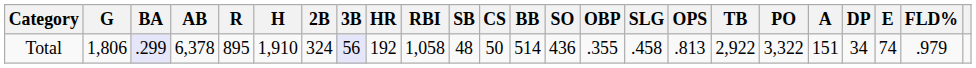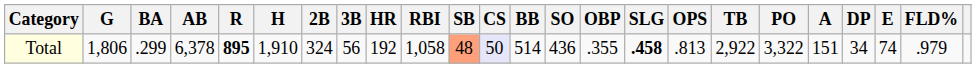 <table class="wikitable"  style="font-size: 95%; text-align:center;">
 <tr>
 <th>Category</th>
 <th>G</th>
 <th>BA</th>
 <th>AB</th>
 <th>R</th>
 <th>H</th>
 <th>2B</th>
 <th>3B</th>
 <th>HR</th>
 <th>RBI</th>
 <th>SB</th>
 <th>CS</th>
 <th>BB</th>
 <th>SO</th>
 <th>OBP</th>
 <th>SLG</th>
 <th>OPS</th>
 <th>TB</th>
 <th>PO</th>
 <th>A</th>
 <th>DP</th>
 <th>E</th>
 <th>FLD%</th>
 <th></th>
 </tr>
 <tr>
-<td>Total</td>
+<td style="background: lightyellow;">Total</td>
 <td>1,806</td>
-<td style="background: lavender;">.299</td>
+<td>.299</td>
 <td>6,378</td>
-<td>895</td>
+<td><strong>895</strong></td>
 <td>1,910</td>
 <td>324</td>
-<td style="background: lavender;">56</td>
+<td>56</td>
 <td>192</td>
 <td>1,058</td>
-<td>48</td>
-<td>50</td>
+<td style="background: lightsalmon;">48</td>
+<td style="background: lavender;">50</td>
 <td>514</td>
 <td>436</td>
 <td>.355</td>
-<td>.458</td>
+<td><strong>.458</strong></td>
 <td>.813</td>
 <td>2,922</td>
 <td>3,322</td>
 <td>151</td>
 <td>34</td>
 <td>74</td>
 <td>.979</td>
 <td></td>
 </tr>
 </table>
